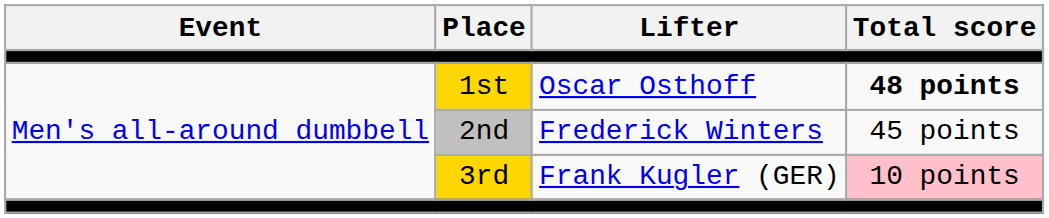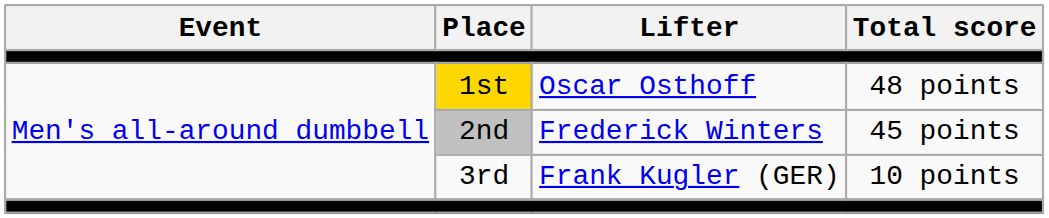 <table class=wikitable style="text-align:center">
 <tr>
 <th>Event</th>
 <th>Place</th>
 <th>Lifter</th>
 <th>Total score</th>
 </tr>
 <tr bgcolor=black>
 <td colspan=4></td>
 </tr>
 <tr>
 <td rowspan=3><a href='#'>Men's all-around dumbbell</a></td>
 <td bgcolor=gold>1st</td>
 <td align=left><a href='#'>Oscar Osthoff</a></td>
-<td><strong>48 points</strong></td>
+<td>48 points</td>
 </tr>
 <tr>
 <td bgcolor=silver>2nd</td>
 <td align=left><a href='#'>Frederick Winters</a></td>
 <td>45 points</td>
 </tr>
 <tr align=center>
-<td style="background: gold;">3rd</td>
+<td>3rd</td>
 <td align=left><a href='#'>Frank Kugler</a> (GER)</td>
-<td style="background: pink;">10 points</td>
+<td>10 points</td>
 </tr>
 <tr bgcolor=black>
 <td colspan=4></td>
 </tr>
 </table>
